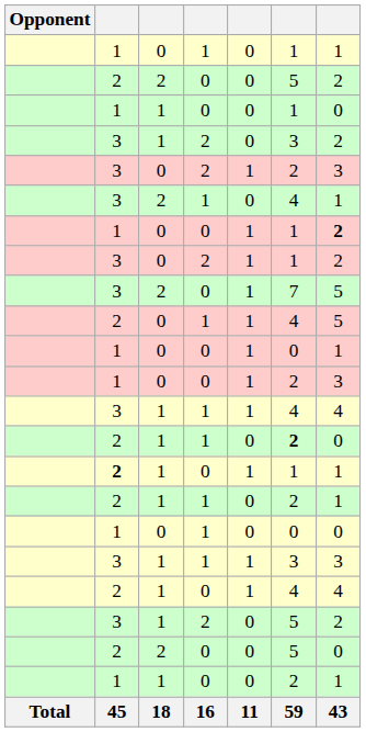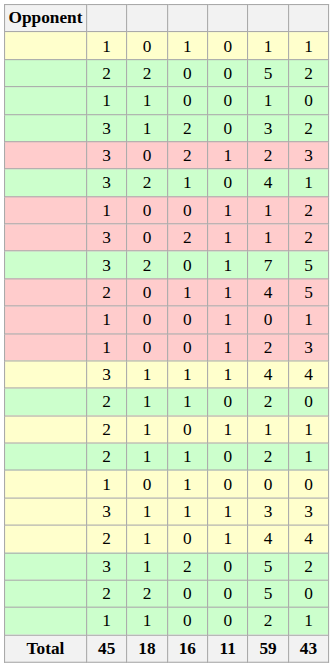 <table class="wikitable sortable" style="text-align: center;">
 <tr>
 <th width="30">Opponent</th>
 <th width="30"></th>
 <th width="30"></th>
 <th width="30"></th>
 <th width="30"></th>
 <th width="30"></th>
 <th width="30"></th>
 </tr>
 <tr bgcolor=#FFFFCC>
 <td align="left"></td>
 <td>1</td>
 <td>0</td>
 <td>1</td>
 <td>0</td>
 <td>1</td>
 <td>1</td>
 </tr>
 <tr bgcolor=#CCFFCC>
 <td align="left"></td>
 <td>2</td>
 <td>2</td>
 <td>0</td>
 <td>0</td>
 <td>5</td>
 <td>2</td>
 </tr>
 <tr bgcolor=#CCFFCC>
 <td align="left"></td>
 <td>1</td>
 <td>1</td>
 <td>0</td>
 <td>0</td>
 <td>1</td>
 <td>0</td>
 </tr>
 <tr bgcolor=#CCFFCC>
 <td align="left"></td>
 <td>3</td>
 <td>1</td>
 <td>2</td>
 <td>0</td>
 <td>3</td>
 <td>2</td>
 </tr>
 <tr bgcolor=#FFCCCC>
 <td align="left"></td>
 <td>3</td>
 <td>0</td>
 <td>2</td>
 <td>1</td>
 <td>2</td>
 <td>3</td>
 </tr>
 <tr bgcolor=#CCFFCC>
 <td align="left"></td>
 <td>3</td>
 <td>2</td>
 <td>1</td>
 <td>0</td>
 <td>4</td>
 <td>1</td>
 </tr>
 <tr bgcolor=#FFCCCC>
 <td align="left"></td>
 <td>1</td>
 <td>0</td>
 <td>0</td>
 <td>1</td>
 <td>1</td>
-<td><strong>2</strong></td>
+<td>2</td>
 </tr>
 <tr bgcolor=#FFCCCC>
 <td align="left"></td>
 <td>3</td>
 <td>0</td>
 <td>2</td>
 <td>1</td>
 <td>1</td>
 <td>2</td>
 </tr>
 <tr bgcolor=#CCFFCC>
 <td align="left"></td>
 <td>3</td>
 <td>2</td>
 <td>0</td>
 <td>1</td>
 <td>7</td>
 <td>5</td>
 </tr>
 <tr bgcolor=#FFCCCC>
 <td align="left"></td>
 <td>2</td>
 <td>0</td>
 <td>1</td>
 <td>1</td>
 <td>4</td>
 <td>5</td>
 </tr>
 <tr bgcolor=#FFCCCC>
 <td align="left"></td>
 <td>1</td>
 <td>0</td>
 <td>0</td>
 <td>1</td>
 <td>0</td>
 <td>1</td>
 </tr>
 <tr bgcolor=#FFCCCC>
 <td align="left"></td>
 <td>1</td>
 <td>0</td>
 <td>0</td>
 <td>1</td>
 <td>2</td>
 <td>3</td>
 </tr>
 <tr bgcolor=#FFFFCC>
 <td align="left"></td>
 <td>3</td>
 <td>1</td>
 <td>1</td>
 <td>1</td>
 <td>4</td>
 <td>4</td>
 </tr>
 <tr bgcolor=#CCFFCC>
 <td align="left"></td>
 <td>2</td>
 <td>1</td>
 <td>1</td>
 <td>0</td>
-<td><strong>2</strong></td>
+<td>2</td>
 <td>0</td>
 </tr>
 <tr bgcolor=#FFFFCC>
 <td align="left"></td>
-<td><strong>2</strong></td>
+<td>2</td>
 <td>1</td>
 <td>0</td>
 <td>1</td>
 <td>1</td>
 <td>1</td>
 </tr>
 <tr bgcolor=#CCFFCC>
 <td align="left"></td>
 <td>2</td>
 <td>1</td>
 <td>1</td>
 <td>0</td>
 <td>2</td>
 <td>1</td>
 </tr>
 <tr bgcolor=#FFFFCC>
 <td align="left"></td>
 <td>1</td>
 <td>0</td>
 <td>1</td>
 <td>0</td>
 <td>0</td>
 <td>0</td>
 </tr>
 <tr bgcolor=#FFFFCC>
 <td align="left"></td>
 <td>3</td>
 <td>1</td>
 <td>1</td>
 <td>1</td>
 <td>3</td>
 <td>3</td>
 </tr>
 <tr bgcolor=#FFFFCC>
 <td align="left"></td>
 <td>2</td>
 <td>1</td>
 <td>0</td>
 <td>1</td>
 <td>4</td>
 <td>4</td>
 </tr>
 <tr bgcolor=#CCFFCC>
 <td align="left"></td>
 <td>3</td>
 <td>1</td>
 <td>2</td>
 <td>0</td>
 <td>5</td>
 <td>2</td>
 </tr>
 <tr bgcolor=#CCFFCC>
 <td align="left"></td>
 <td>2</td>
 <td>2</td>
 <td>0</td>
 <td>0</td>
 <td>5</td>
 <td>0</td>
 </tr>
 <tr bgcolor=#CCFFCC>
 <td align="left"></td>
 <td>1</td>
 <td>1</td>
 <td>0</td>
 <td>0</td>
 <td>2</td>
 <td>1</td>
 </tr>
 <tr>
 <th>Total</th>
 <th>45</th>
 <th>18</th>
 <th>16</th>
 <th>11</th>
 <th>59</th>
 <th>43</th>
 </tr>
 </table>
